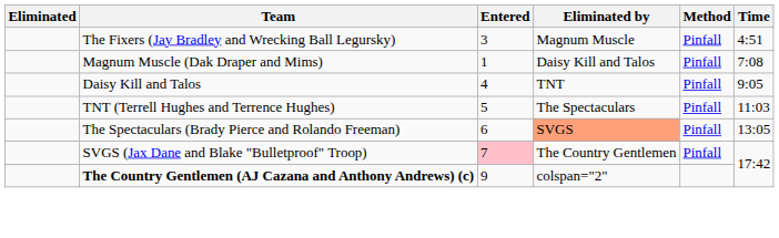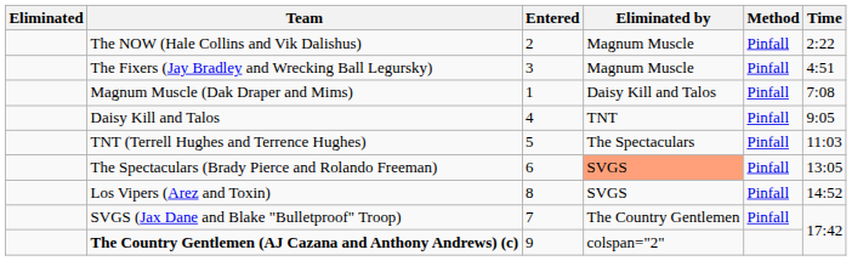 <table class="wikitable sortable">
 <tr>
 <th>Eliminated</th>
 <th>Team</th>
 <th>Entered</th>
 <th>Eliminated by</th>
 <th>Method</th>
 <th>Time</th>
+</tr>
+<tr>
+<td></td>
+<td>The NOW (Hale Collins and Vik Dalishus)</td>
+<td>2</td>
+<td>Magnum Muscle</td>
+<td><a href='#'>Pinfall</a></td>
+<td>2:22</td>
 </tr>
 <tr>
 <td></td>
 <td>The Fixers (<a href='#'>Jay Bradley</a> and Wrecking Ball Legursky)</td>
 <td>3</td>
 <td>Magnum Muscle</td>
 <td><a href='#'>Pinfall</a></td>
 <td>4:51</td>
 </tr>
 <tr>
 <td></td>
 <td>Magnum Muscle (Dak Draper and Mims)</td>
 <td>1</td>
 <td>Daisy Kill and Talos</td>
 <td><a href='#'>Pinfall</a></td>
 <td>7:08</td>
 </tr>
 <tr>
 <td></td>
 <td>Daisy Kill and Talos</td>
 <td>4</td>
 <td>TNT</td>
 <td><a href='#'>Pinfall</a></td>
 <td>9:05</td>
 </tr>
 <tr>
 <td></td>
 <td>TNT (Terrell Hughes and Terrence Hughes)</td>
 <td>5</td>
 <td>The Spectaculars</td>
 <td><a href='#'>Pinfall</a></td>
 <td>11:03</td>
 </tr>
 <tr>
 <td></td>
 <td>The Spectaculars (Brady Pierce and Rolando Freeman)</td>
 <td>6</td>
 <td style="background: lightsalmon;">SVGS</td>
 <td><a href='#'>Pinfall</a></td>
 <td>13:05</td>
 </tr>
 <tr>
 <td></td>
+<td>Los Vipers (<a href='#'>Arez</a> and Toxin)</td>
+<td>8</td>
+<td>SVGS</td>
+<td><a href='#'>Pinfall</a></td>
+<td>14:52</td>
+</tr>
+<tr>
+<td></td>
 <td>SVGS (<a href='#'>Jax Dane</a> and Blake "Bulletproof" Troop)</td>
-<td style="background: pink;">7</td>
+<td>7</td>
 <td>The Country Gentlemen</td>
 <td><a href='#'>Pinfall</a></td>
 <td rowspan=2>17:42</td>
 </tr>
 <tr>
 <td></td>
 <td><strong>The Country Gentlemen (AJ Cazana and Anthony Andrews) (c)</strong></td>
 <td>9</td>
 <td>colspan="2" </td>
 </tr>
 </table>
